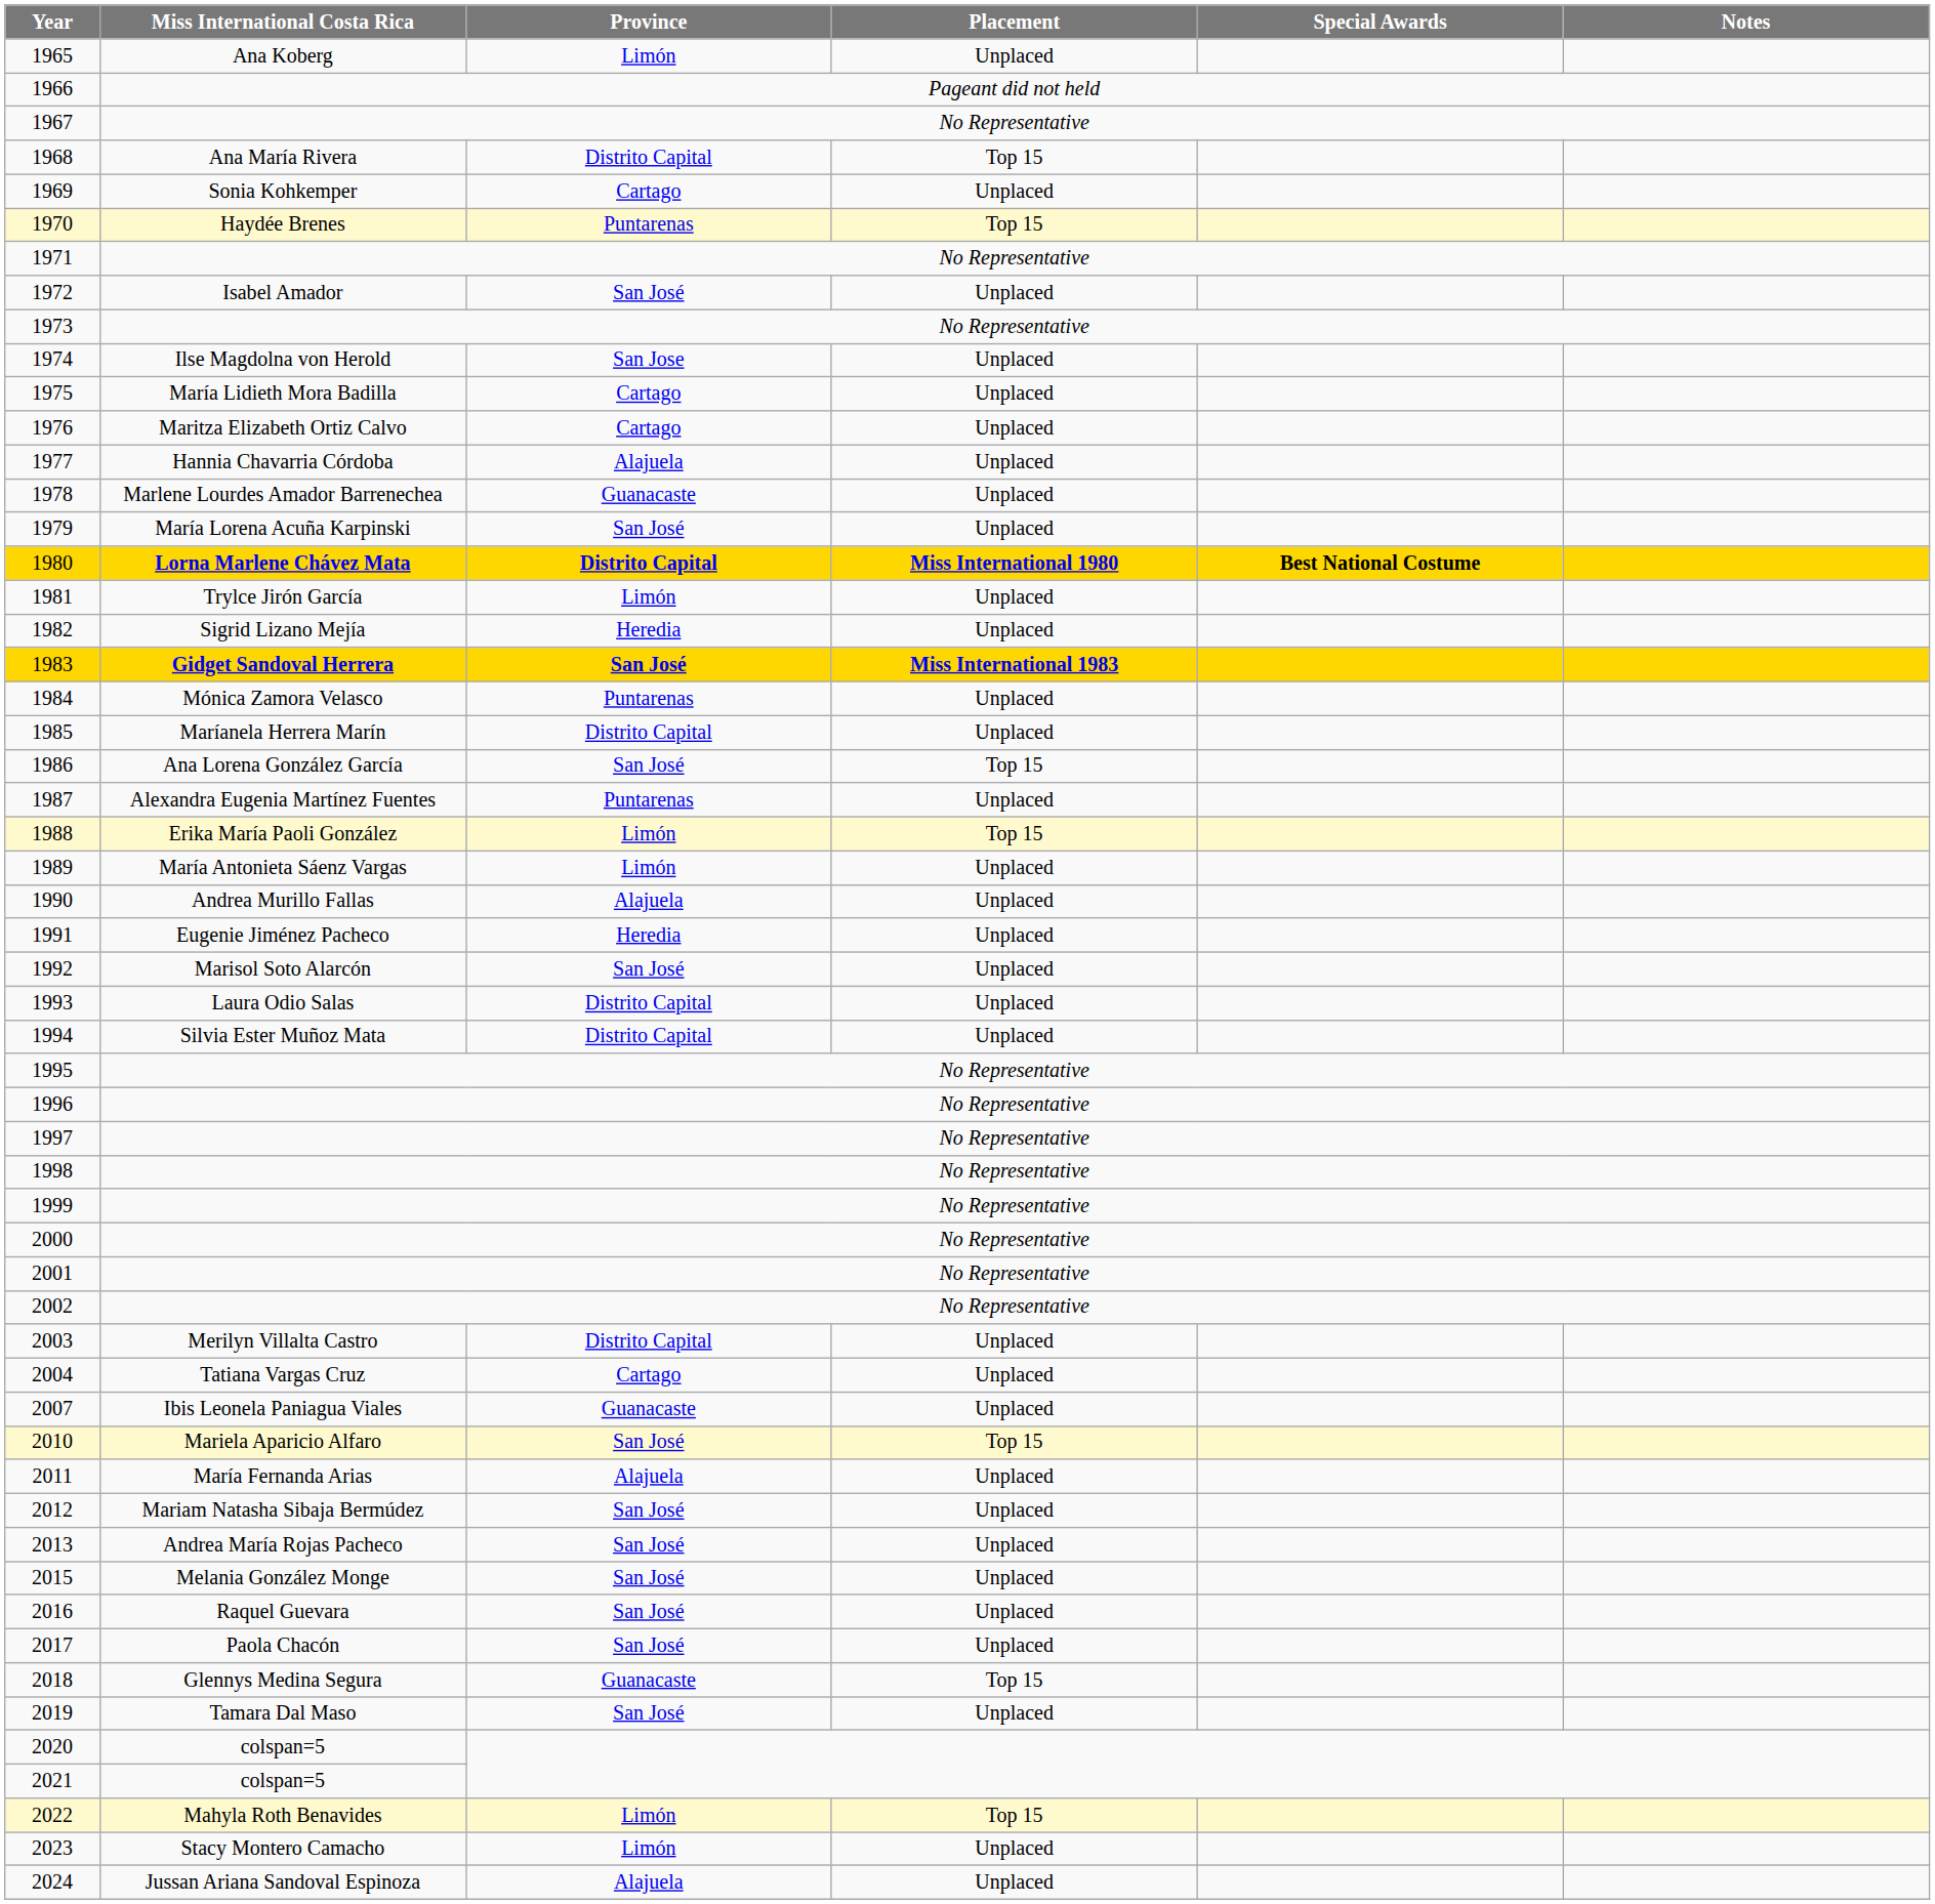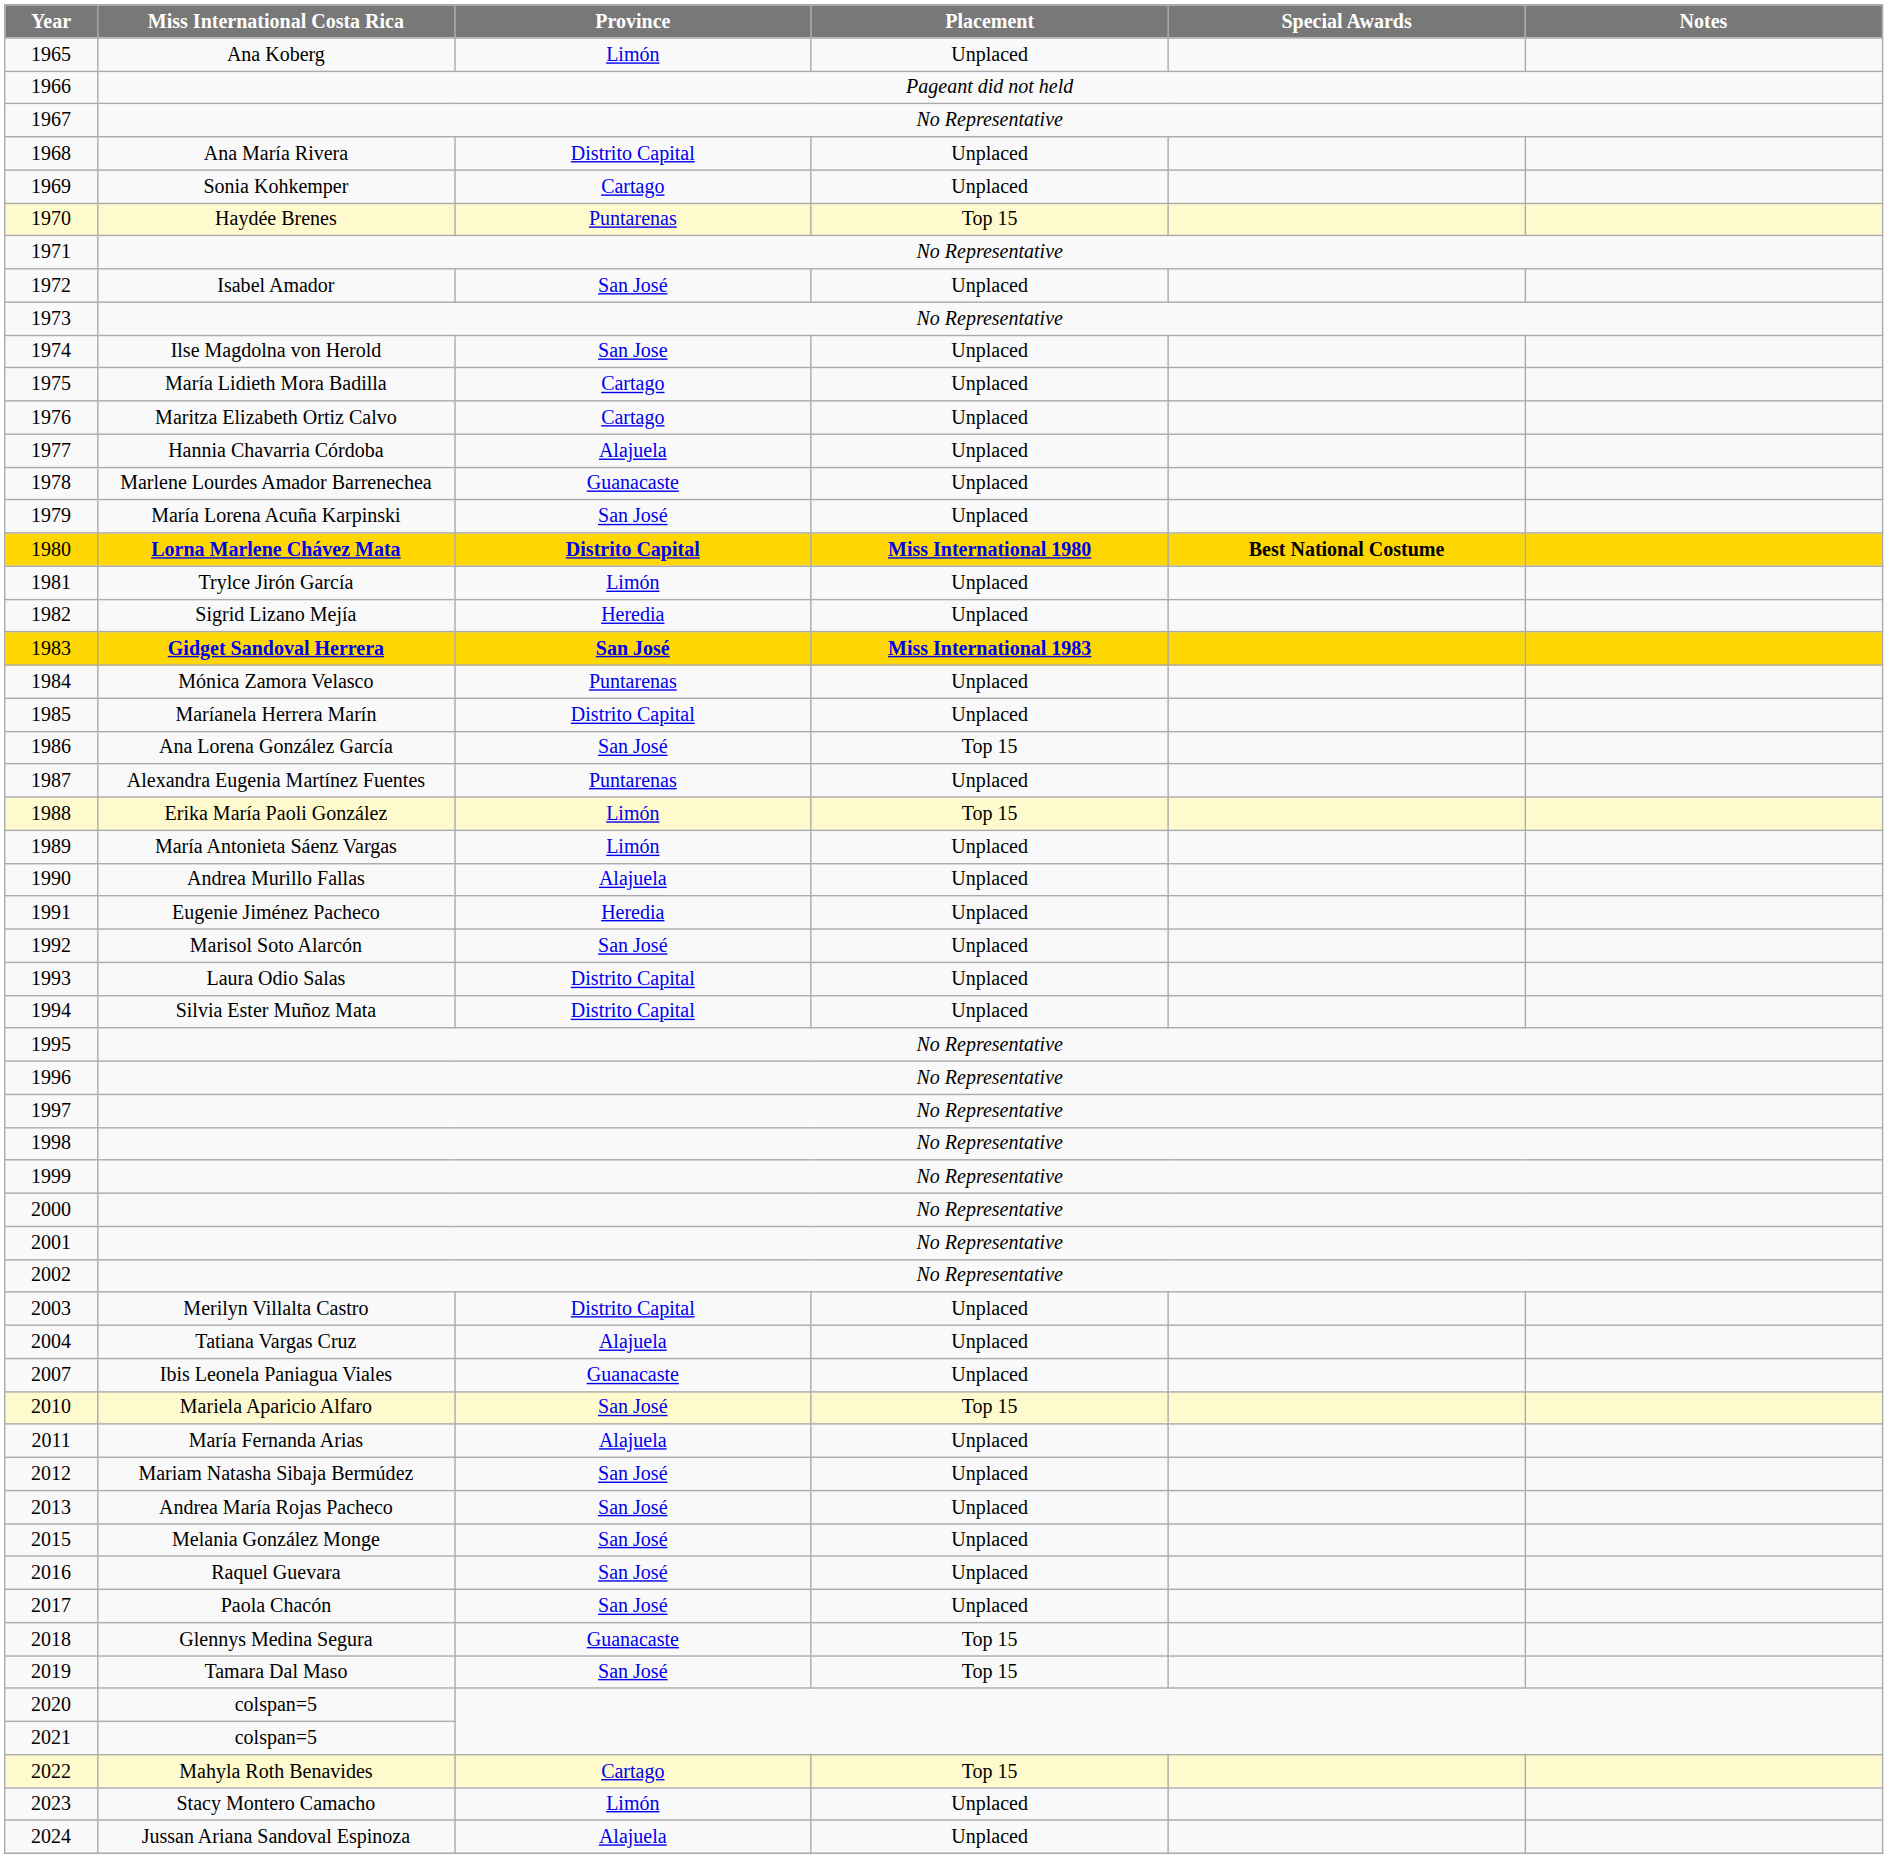 <table class="wikitable sortable" style="font-size: 90%; text-align:center">
 <tr>
 <th width="60" style="background-color:#787878;color:#FFFFFF;">Year</th>
 <th width="250" style="background-color:#787878;color:#FFFFFF;">Miss International Costa Rica</th>
 <th width="250" style="background-color:#787878;color:#FFFFFF;">Province</th>
 <th width="250" style="background-color:#787878;color:#FFFFFF;">Placement</th>
 <th width="250" style="background-color:#787878;color:#FFFFFF;">Special Awards</th>
 <th width="250" style="background-color:#787878;color:#FFFFFF;">Notes</th>
 </tr>
 <tr>
 <td>1965</td>
 <td>Ana Koberg</td>
 <td><a href='#'>Limón</a></td>
 <td>Unplaced</td>
 <td></td>
 <td></td>
 </tr>
 <tr>
 <td>1966</td>
 <td colspan="5" style="text-align:center;"><em>Pageant did not held</em></td>
 </tr>
 <tr>
 <td>1967</td>
 <td colspan="5" style="text-align:center;"><em>No Representative</em></td>
 </tr>
 <tr>
 <td>1968</td>
 <td>Ana María Rivera</td>
 <td><a href='#'>Distrito Capital</a></td>
-<td>Top 15</td>
+<td>Unplaced</td>
 <td></td>
 <td></td>
 </tr>
 <tr>
 <td>1969</td>
 <td>Sonia Kohkemper</td>
 <td><a href='#'>Cartago</a></td>
 <td>Unplaced</td>
 <td></td>
 <td></td>
 </tr>
 <tr style="background-color:#FFFACD;">
 <td>1970</td>
 <td>Haydée Brenes</td>
 <td><a href='#'>Puntarenas</a></td>
 <td>Top 15</td>
 <td></td>
 <td></td>
 </tr>
 <tr>
 <td>1971</td>
 <td colspan="5" style="text-align:center;"><em>No Representative</em></td>
 </tr>
 <tr>
 <td>1972</td>
 <td>Isabel Amador</td>
 <td><a href='#'>San José</a></td>
 <td>Unplaced</td>
 <td></td>
 <td></td>
 </tr>
 <tr>
 <td>1973</td>
 <td colspan="5" style="text-align:center;"><em>No Representative</em></td>
 </tr>
 <tr>
 <td>1974</td>
 <td>Ilse Magdolna von Herold</td>
 <td><a href='#'>San Jose</a></td>
 <td>Unplaced</td>
 <td></td>
 <td></td>
 </tr>
 <tr>
 <td>1975</td>
 <td>María Lidieth Mora Badilla</td>
 <td><a href='#'>Cartago</a></td>
 <td>Unplaced</td>
 <td></td>
 <td></td>
 </tr>
 <tr>
 <td>1976</td>
 <td>Maritza Elizabeth Ortiz Calvo</td>
 <td><a href='#'>Cartago</a></td>
 <td>Unplaced</td>
 <td></td>
 <td></td>
 </tr>
 <tr>
 <td>1977</td>
 <td>Hannia Chavarria Córdoba</td>
 <td><a href='#'>Alajuela</a></td>
 <td>Unplaced</td>
 <td></td>
 <td></td>
 </tr>
 <tr>
 <td>1978</td>
 <td>Marlene Lourdes Amador Barrenechea</td>
 <td><a href='#'>Guanacaste</a></td>
 <td>Unplaced</td>
 <td></td>
 <td></td>
 </tr>
 <tr>
 <td>1979</td>
 <td>María Lorena Acuña Karpinski</td>
 <td><a href='#'>San José</a></td>
 <td>Unplaced</td>
 <td></td>
 <td></td>
 </tr>
 <tr style="background-color:gold;">
 <td>1980</td>
 <td><strong><a href='#'>Lorna Marlene Chávez Mata</a></strong></td>
 <td><strong><a href='#'>Distrito Capital</a></strong></td>
 <td><strong><a href='#'>Miss International 1980</a></strong></td>
 <td><strong>Best National Costume</strong></td>
 <td></td>
 </tr>
 <tr>
 <td>1981</td>
 <td>Trylce Jirón García</td>
 <td><a href='#'>Limón</a></td>
 <td>Unplaced</td>
 <td></td>
 <td></td>
 </tr>
 <tr>
 <td>1982</td>
 <td>Sigrid Lizano Mejía</td>
 <td><a href='#'>Heredia</a></td>
 <td>Unplaced</td>
 <td></td>
 <td></td>
 </tr>
 <tr style="background-color:gold;">
 <td>1983</td>
 <td><strong><a href='#'>Gidget Sandoval Herrera</a></strong></td>
 <td><strong><a href='#'>San José</a></strong></td>
 <td><strong><a href='#'>Miss International 1983</a></strong></td>
 <td></td>
 <td></td>
 </tr>
 <tr>
 <td>1984</td>
 <td>Mónica Zamora Velasco</td>
 <td><a href='#'>Puntarenas</a></td>
 <td>Unplaced</td>
 <td></td>
 <td></td>
 </tr>
 <tr>
 <td>1985</td>
 <td>Maríanela Herrera Marín</td>
 <td><a href='#'>Distrito Capital</a></td>
 <td>Unplaced</td>
 <td></td>
 <td></td>
 </tr>
 <tr>
 <td>1986</td>
 <td>Ana Lorena González García</td>
 <td><a href='#'>San José</a></td>
 <td>Top 15</td>
 <td></td>
 <td></td>
 </tr>
 <tr>
 <td>1987</td>
 <td>Alexandra Eugenia Martínez Fuentes</td>
 <td><a href='#'>Puntarenas</a></td>
 <td>Unplaced</td>
 <td></td>
 <td></td>
 </tr>
 <tr style="background-color:#FFFACD;">
 <td>1988</td>
 <td>Erika María Paoli González</td>
 <td><a href='#'>Limón</a></td>
 <td>Top 15</td>
 <td></td>
 <td></td>
 </tr>
 <tr>
 <td>1989</td>
 <td>María Antonieta Sáenz Vargas</td>
 <td><a href='#'>Limón</a></td>
 <td>Unplaced</td>
 <td></td>
 <td></td>
 </tr>
 <tr>
 <td>1990</td>
 <td>Andrea Murillo Fallas</td>
 <td><a href='#'>Alajuela</a></td>
 <td>Unplaced</td>
 <td></td>
 <td></td>
 </tr>
 <tr>
 <td>1991</td>
 <td>Eugenie Jiménez Pacheco</td>
 <td><a href='#'>Heredia</a></td>
 <td>Unplaced</td>
 <td></td>
 <td></td>
 </tr>
 <tr>
 <td>1992</td>
 <td>Marisol Soto Alarcón</td>
 <td><a href='#'>San José</a></td>
 <td>Unplaced</td>
 <td></td>
 <td></td>
 </tr>
 <tr>
 <td>1993</td>
 <td>Laura Odio Salas</td>
 <td><a href='#'>Distrito Capital</a></td>
 <td>Unplaced</td>
 <td></td>
 <td></td>
 </tr>
 <tr>
 <td>1994</td>
 <td>Silvia Ester Muñoz Mata</td>
 <td><a href='#'>Distrito Capital</a></td>
 <td>Unplaced</td>
 <td></td>
 <td></td>
 </tr>
 <tr>
 <td>1995</td>
 <td colspan="5" style="text-align:center;"><em>No Representative</em></td>
 </tr>
 <tr>
 <td>1996</td>
 <td colspan="5" style="text-align:center;"><em>No Representative</em></td>
 </tr>
 <tr>
 <td>1997</td>
 <td colspan="5" style="text-align:center;"><em>No Representative</em></td>
 </tr>
 <tr>
 <td>1998</td>
 <td colspan="5" style="text-align:center;"><em>No Representative</em></td>
 </tr>
 <tr>
 <td>1999</td>
 <td colspan="5" style="text-align:center;"><em>No Representative</em></td>
 </tr>
 <tr>
 <td>2000</td>
 <td colspan="5" style="text-align:center;"><em>No Representative</em></td>
 </tr>
 <tr>
 <td>2001</td>
 <td colspan="5" style="text-align:center;"><em>No Representative</em></td>
 </tr>
 <tr>
 <td>2002</td>
 <td colspan="5" style="text-align:center;"><em>No Representative</em></td>
 </tr>
 <tr>
 <td>2003</td>
 <td>Merilyn Villalta Castro</td>
 <td><a href='#'>Distrito Capital</a></td>
 <td>Unplaced</td>
 <td></td>
 <td></td>
 </tr>
 <tr>
 <td>2004</td>
 <td>Tatiana Vargas Cruz</td>
-<td><a href='#'>Cartago</a></td>
+<td><a href='#'>Alajuela</a></td>
 <td>Unplaced</td>
 <td></td>
 <td></td>
 </tr>
 <tr>
 <td>2007</td>
 <td>Ibis Leonela Paniagua Viales</td>
 <td><a href='#'>Guanacaste</a></td>
 <td>Unplaced</td>
 <td></td>
 <td></td>
 </tr>
 <tr style="background-color:#FFFACD;">
 <td>2010</td>
 <td>Mariela Aparicio Alfaro</td>
 <td><a href='#'>San José</a></td>
 <td>Top 15</td>
 <td></td>
 <td></td>
 </tr>
 <tr>
 <td>2011</td>
 <td>María Fernanda Arias</td>
 <td><a href='#'>Alajuela</a></td>
 <td>Unplaced</td>
 <td></td>
 <td></td>
 </tr>
 <tr>
 <td>2012</td>
 <td>Mariam Natasha Sibaja Bermúdez</td>
 <td><a href='#'>San José</a></td>
 <td>Unplaced</td>
 <td></td>
 <td></td>
 </tr>
 <tr>
 <td>2013</td>
 <td>Andrea María Rojas Pacheco</td>
 <td><a href='#'>San José</a></td>
 <td>Unplaced</td>
 <td></td>
 <td></td>
 </tr>
 <tr>
 <td>2015</td>
 <td>Melania González Monge</td>
 <td><a href='#'>San José</a></td>
 <td>Unplaced</td>
 <td></td>
 <td></td>
 </tr>
 <tr>
 <td>2016</td>
 <td>Raquel Guevara</td>
 <td><a href='#'>San José</a></td>
 <td>Unplaced</td>
 <td></td>
 <td></td>
 </tr>
 <tr>
 <td>2017</td>
 <td>Paola Chacón</td>
 <td><a href='#'>San José</a></td>
 <td>Unplaced</td>
 <td></td>
 <td></td>
 </tr>
 <tr>
 <td>2018</td>
 <td>Glennys Medina Segura</td>
 <td><a href='#'>Guanacaste</a></td>
 <td>Top 15</td>
 <td></td>
 <td></td>
 </tr>
 <tr>
 <td>2019</td>
 <td>Tamara Dal Maso</td>
 <td><a href='#'>San José</a></td>
-<td>Unplaced</td>
+<td>Top 15</td>
 <td></td>
 <td></td>
 </tr>
 <tr>
 <td>2020</td>
 <td>colspan=5 </td>
 </tr>
 <tr>
 <td>2021</td>
 <td>colspan=5 </td>
 </tr>
 <tr style="background-color:#FFFACD;">
 <td>2022</td>
 <td>Mahyla Roth Benavides</td>
-<td><a href='#'>Limón</a></td>
+<td><a href='#'>Cartago</a></td>
 <td>Top 15</td>
 <td></td>
 <td></td>
 </tr>
 <tr>
 <td>2023</td>
 <td>Stacy Montero Camacho</td>
 <td><a href='#'>Limón</a></td>
 <td>Unplaced</td>
 <td></td>
 <td></td>
 </tr>
 <tr>
 <td>2024</td>
 <td>Jussan Ariana Sandoval Espinoza</td>
 <td><a href='#'>Alajuela</a></td>
 <td>Unplaced</td>
 <td></td>
 <td></td>
 </tr>
 <tr>
 </tr>
 </table>
